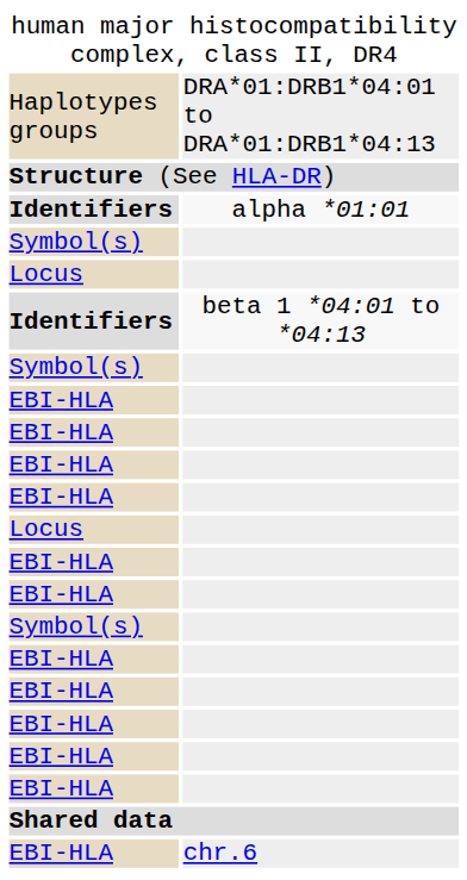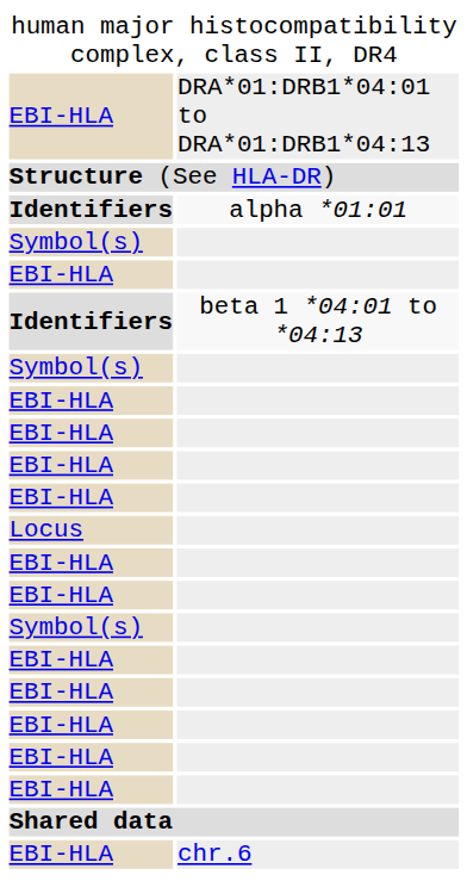 <table id="drugInfoBox" style="float: right; clear: right; margin: 0 0 0.5em 1em; background: #ffffff;" class="toccolours" border=0 cellpadding=0 align=right width="240px">
 <tr>
 <td align="center" colspan="2"></td>
 </tr>
 <tr>
 <td align="center" colspan="2"><div>human major histocompatibility complex, class II, DR4</div></td>
 </tr>
 <tr>
-<td bgcolor="#e7dcc3">Haplotypes groups</td>
+<td bgcolor="#e7dcc3"><a href='#'>EBI-HLA</a></td>
 <td bgcolor="#eeeeee">DRA*01:DRB1*04:01 to DRA*01:DRB1*04:13</td>
 </tr>
 <tr>
 <td colspan="2" bgcolor="#dddddd"><strong>Structure</strong> (See <a href='#'>HLA-DR</a>)</td>
 </tr>
 <tr style="background:#f8f8f8">
 <td bgcolor="#dddddd"><strong>Identifiers</strong></td>
 <td align="center"><div>alpha <em>*01:01</em></div></td>
 </tr>
 <tr>
 <td bgcolor="#e7dcc3"><a href='#'>Symbol(s)</a></td>
 <td bgcolor="#eeeeee"></td>
 </tr>
 <tr>
-<td bgcolor="#e7dcc3"><a href='#'>Locus</a></td>
+<td bgcolor="#e7dcc3"><a href='#'>EBI-HLA</a></td>
 <td bgcolor="#eeeeee"></td>
 </tr>
 <tr style="background:#f8f8f8">
 <td bgcolor="#dddddd"><strong>Identifiers</strong></td>
 <td align="center"><div>beta 1 <em>*04:01</em> to <em>*04:13</em></div></td>
 </tr>
 <tr>
 <td bgcolor="#e7dcc3"><a href='#'>Symbol(s)</a></td>
 <td bgcolor="#eeeeee"></td>
 </tr>
 <tr>
 <td bgcolor="#e7dcc3"><a href='#'>EBI-HLA</a></td>
 <td bgcolor="#eeeeee"></td>
 </tr>
 <tr>
 <td bgcolor="#e7dcc3"><a href='#'>EBI-HLA</a></td>
 <td bgcolor="#eeeeee"></td>
 </tr>
 <tr>
 <td bgcolor="#e7dcc3"><a href='#'>EBI-HLA</a></td>
 <td bgcolor="#eeeeee"></td>
 </tr>
 <tr>
 <td bgcolor="#e7dcc3"><a href='#'>EBI-HLA</a></td>
 <td bgcolor="#eeeeee"> </td>
 </tr>
 <tr>
 <td bgcolor="#e7dcc3"><a href='#'>Locus</a></td>
 <td bgcolor="#eeeeee"></td>
 </tr>
 <tr>
 <td bgcolor="#e7dcc3"><a href='#'>EBI-HLA</a></td>
 <td bgcolor="#eeeeee"></td>
 </tr>
 <tr>
 <td bgcolor="#e7dcc3"><a href='#'>EBI-HLA</a></td>
 <td bgcolor="#eeeeee"> </td>
 </tr>
 <tr>
 <td bgcolor="#e7dcc3"><a href='#'>Symbol(s)</a></td>
 <td bgcolor="#eeeeee"></td>
 </tr>
 <tr>
 <td bgcolor="#e7dcc3"><a href='#'>EBI-HLA</a></td>
 <td bgcolor="#eeeeee"> </td>
 </tr>
 <tr>
 <td bgcolor="#e7dcc3"><a href='#'>EBI-HLA</a></td>
 <td bgcolor="#eeeeee"></td>
 </tr>
 <tr>
 <td bgcolor="#e7dcc3"><a href='#'>EBI-HLA</a></td>
 <td bgcolor="#eeeeee"></td>
 </tr>
 <tr>
 <td bgcolor="#e7dcc3"><a href='#'>EBI-HLA</a></td>
 <td bgcolor="#eeeeee"></td>
 </tr>
 <tr>
 <td bgcolor="#e7dcc3"><a href='#'>EBI-HLA</a></td>
 <td bgcolor="#eeeeee"></td>
 </tr>
 <tr>
 <td colspan="2" bgcolor="#dddddd"><strong>Shared data</strong></td>
 </tr>
 <tr>
 <td bgcolor="#e7dcc3"><a href='#'>EBI-HLA</a></td>
 <td bgcolor="#eeeeee"><a href='#'>chr.6</a> <em></em></td>
 </tr>
 <tr>
 </tr>
 </table>
